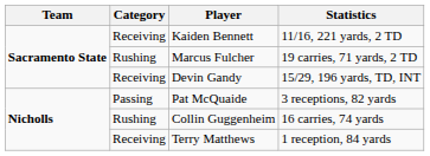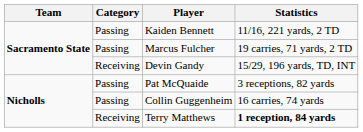 <table class="wikitable" style="float: right;">
 <tr>
 <th>Team</th>
 <th>Category</th>
 <th>Player</th>
 <th>Statistics</th>
 </tr>
 <tr>
 <td rowspan=3><strong>Sacramento State</strong></td>
-<td>Receiving</td>
+<td>Passing</td>
 <td>Kaiden Bennett</td>
 <td>11/16, 221 yards, 2 TD</td>
 </tr>
 <tr>
-<td>Rushing</td>
+<td>Passing</td>
 <td>Marcus Fulcher</td>
 <td>19 carries, 71 yards, 2 TD</td>
 </tr>
 <tr>
 <td>Receiving</td>
 <td>Devin Gandy</td>
 <td>15/29, 196 yards, TD, INT</td>
 </tr>
 <tr>
 <td rowspan=3><strong>Nicholls</strong></td>
 <td>Passing</td>
 <td>Pat McQuaide</td>
 <td>3 receptions, 82 yards</td>
 </tr>
 <tr>
-<td>Rushing</td>
+<td>Passing</td>
 <td>Collin Guggenheim</td>
 <td>16 carries, 74 yards</td>
 </tr>
 <tr>
 <td>Receiving</td>
 <td>Terry Matthews</td>
-<td>1 reception, 84 yards</td>
+<td><strong>1 reception, 84 yards</strong></td>
 </tr>
 </table>
